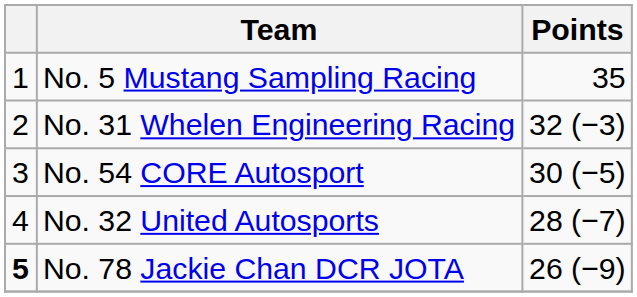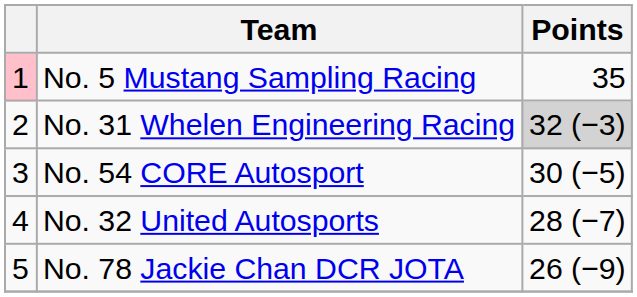 <table class="wikitable" style="font-size: 95%;">
 <tr>
 <th scope="col"></th>
 <th scope="col">Team</th>
 <th scope="col">Points</th>
 </tr>
 <tr>
-<td align=center>1</td>
+<td align=center style="background: pink;">1</td>
 <td> No. 5 <a href='#'>Mustang Sampling Racing</a></td>
 <td align=right>35</td>
 </tr>
 <tr>
 <td align=center>2</td>
 <td> No. 31 <a href='#'>Whelen Engineering Racing</a></td>
-<td align=right>32 (−3)</td>
+<td align=right style="background: lightgrey;">32 (−3)</td>
 </tr>
 <tr>
 <td align=center>3</td>
 <td> No. 54 <a href='#'>CORE Autosport</a></td>
 <td align=right>30 (−5)</td>
 </tr>
 <tr>
 <td align=center>4</td>
 <td> No. 32 <a href='#'>United Autosports</a></td>
 <td align=right>28 (−7)</td>
 </tr>
 <tr>
-<td align=center><strong>5</strong></td>
+<td align=center>5</td>
 <td> No. 78 <a href='#'>Jackie Chan DCR JOTA</a></td>
 <td align=right>26 (−9)</td>
 </tr>
 <tr>
 </tr>
 </table>
